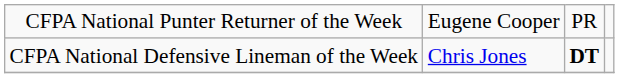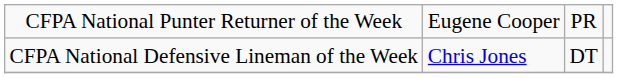 <table class="wikitable sortable" border="1">
 <tr align=center>
 <td>CFPA National Punter Returner of the Week</td>
 <td>Eugene Cooper</td>
 <td>PR</td>
 <td></td>
 </tr>
 <tr>
 <td>CFPA National Defensive Lineman of the Week</td>
 <td><a href='#'>Chris Jones</a></td>
-<td><strong>DT</strong></td>
+<td>DT</td>
 <td></td>
 </tr>
 <tr>
 </tr>
 </table>
